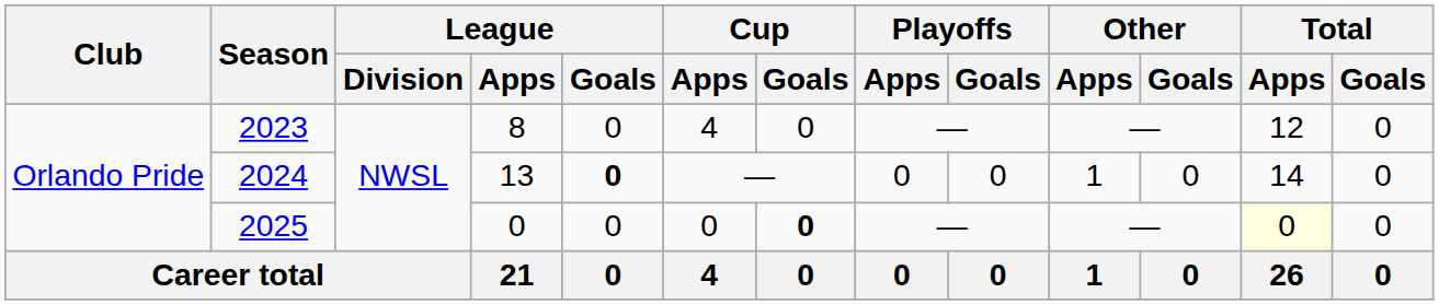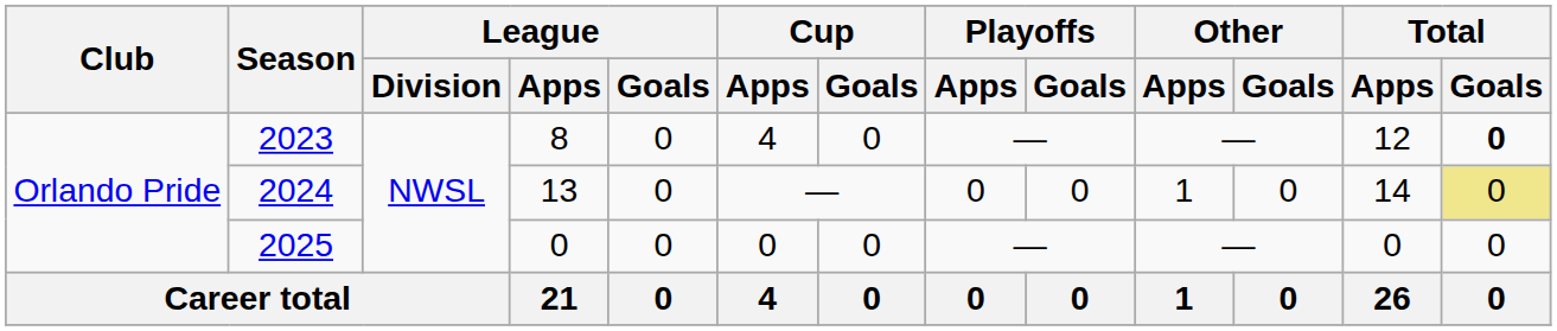 <table class="wikitable" style="text-align: center;">
 <tr>
 <th rowspan="2">Club</th>
 <th rowspan="2">Season</th>
 <th colspan="3">League</th>
 <th colspan="2">Cup</th>
 <th colspan="2">Playoffs</th>
 <th colspan="2">Other</th>
 <th colspan="2">Total</th>
 </tr>
 <tr>
 <th>Division</th>
 <th>Apps</th>
 <th>Goals</th>
 <th>Apps</th>
 <th>Goals</th>
 <th>Apps</th>
 <th>Goals</th>
 <th>Apps</th>
 <th>Goals</th>
 <th>Apps</th>
 <th>Goals</th>
 </tr>
 <tr>
 <td rowspan="3"><a href='#'>Orlando Pride</a></td>
 <td><a href='#'>2023</a></td>
 <td rowspan="3"><a href='#'>NWSL</a></td>
 <td>8</td>
 <td>0</td>
 <td>4</td>
 <td>0</td>
 <td colspan="2">—</td>
 <td colspan="2">—</td>
 <td>12</td>
-<td>0</td>
+<td><strong>0</strong></td>
 </tr>
 <tr>
 <td><a href='#'>2024</a></td>
 <td>13</td>
-<td><strong>0</strong></td>
+<td>0</td>
 <td colspan="2">—</td>
 <td>0</td>
 <td>0</td>
 <td>1</td>
 <td>0</td>
 <td>14</td>
-<td>0</td>
+<td style="background: khaki;">0</td>
 </tr>
 <tr>
 <td><a href='#'>2025</a></td>
 <td>0</td>
 <td>0</td>
 <td>0</td>
-<td><strong>0</strong></td>
+<td>0</td>
 <td colspan="2">—</td>
 <td colspan="2">—</td>
-<td style="background: lightyellow;">0</td>
+<td>0</td>
 <td>0</td>
 </tr>
 <tr>
 <th colspan="3">Career total</th>
 <th>21</th>
 <th>0</th>
 <th>4</th>
 <th>0</th>
 <th>0</th>
 <th>0</th>
 <th>1</th>
 <th>0</th>
 <th>26</th>
 <th>0</th>
 </tr>
 </table>
